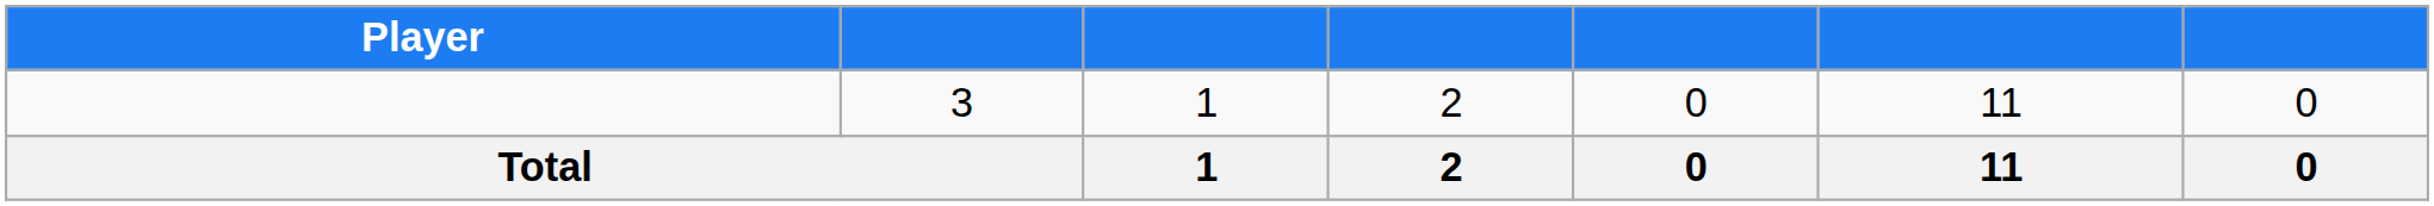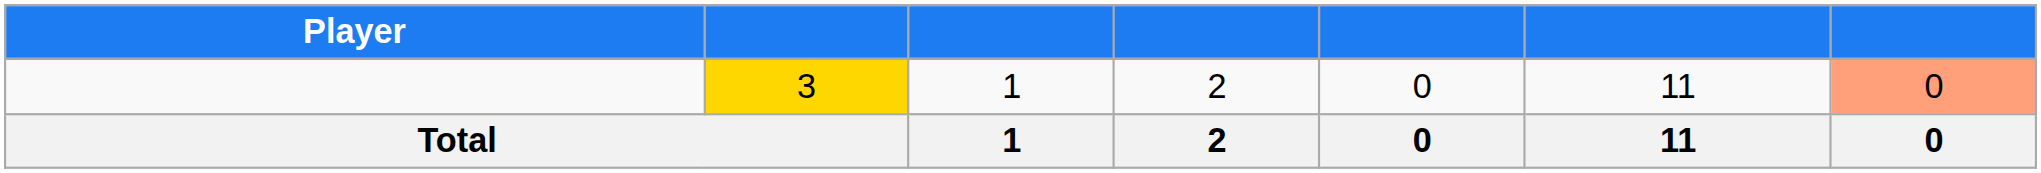 <table class="wikitable sortable" style="width:60%; text-align:center;">
 <tr>
 <th style="color:white; background:#1D7CF2; ">Player</th>
 <th style="color:white; background:#1D7CF2; "></th>
 <th style="color:white; background:#1D7CF2; "></th>
 <th style="color:white; background:#1D7CF2; "></th>
 <th style="color:white; background:#1D7CF2; "></th>
 <th style="color:white; background:#1D7CF2; "></th>
 <th style="color:white; background:#1D7CF2; "></th>
 </tr>
 <tr>
 <td></td>
-<td>3</td>
+<td style="background: gold;">3</td>
 <td>1</td>
 <td>2</td>
 <td>0</td>
 <td>11</td>
-<td>0</td>
+<td style="background: lightsalmon;">0</td>
 </tr>
 <tr class="sortbottom">
 <th colspan=2>Total</th>
 <th>1</th>
 <th>2</th>
 <th>0</th>
 <th>11</th>
 <th>0</th>
 </tr>
 </table>
